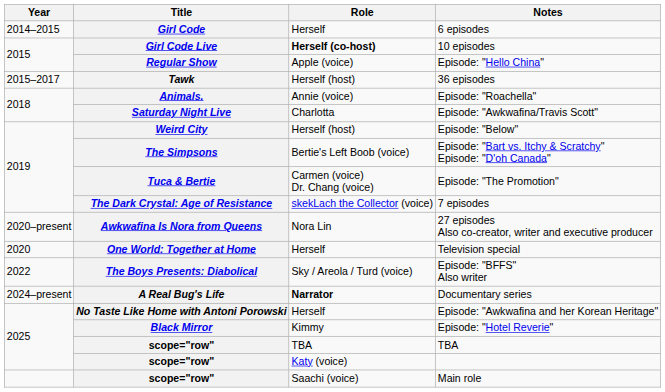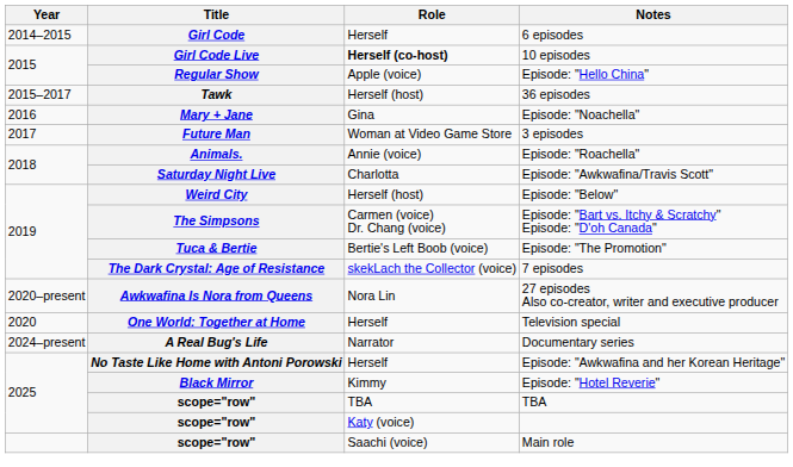 <table class="wikitable plainrowheaders sortable">
 <tr>
 <th scope="col">Year</th>
 <th scope="col">Title</th>
 <th scope="col">Role</th>
 <th class="unsortable">Notes</th>
 </tr>
 <tr>
 <td>2014–2015</td>
 <th scope="row"><em><a href='#'>Girl Code</a></em></th>
 <td>Herself</td>
 <td>6 episodes</td>
 </tr>
 <tr>
 <td rowspan="2">2015</td>
 <th scope="row"><em><a href='#'>Girl Code Live</a></em></th>
 <td><strong>Herself (co-host)</strong></td>
 <td>10 episodes</td>
 </tr>
 <tr>
 <th scope="row"><em><a href='#'>Regular Show</a></em></th>
 <td>Apple (voice)</td>
 <td>Episode: "<a href='#'>Hello China</a>"</td>
 </tr>
 <tr>
 <td>2015–2017</td>
 <th scope="row"><em>Tawk</em></th>
 <td>Herself (host)</td>
 <td>36 episodes</td>
 </tr>
 <tr>
+<td>2016</td>
+<th scope="row"><em><a href='#'>Mary + Jane</a></em></th>
+<td>Gina</td>
+<td>Episode: "Noachella"</td>
+</tr>
+<tr>
+<td>2017</td>
+<th scope="row"><em><a href='#'>Future Man</a></em></th>
+<td>Woman at Video Game Store</td>
+<td>3 episodes</td>
+</tr>
+<tr>
 <td rowspan="2">2018</td>
 <th scope="row"><em><a href='#'>Animals.</a></em></th>
 <td>Annie (voice)</td>
 <td>Episode: "Roachella"</td>
 </tr>
 <tr>
 <th scope="row"><em><a href='#'>Saturday Night Live</a></em></th>
 <td>Charlotta</td>
 <td>Episode: "Awkwafina/Travis Scott"</td>
 </tr>
 <tr>
 <td rowspan="4">2019</td>
 <th scope="row"><em><a href='#'>Weird City</a></em></th>
 <td>Herself (host)</td>
 <td>Episode: "Below"</td>
 </tr>
 <tr>
 <th scope="row"><em><a href='#'>The Simpsons</a></em></th>
-<td>Bertie's Left Boob (voice)</td>
+<td>Carmen (voice)<br>Dr. Chang (voice)</td>
 <td>Episode: "<a href='#'>Bart vs. Itchy & Scratchy</a>"<br>Episode: "<a href='#'>D'oh Canada</a>"</td>
 </tr>
 <tr>
 <th scope="row"><em><a href='#'>Tuca & Bertie</a></em></th>
-<td>Carmen (voice)<br>Dr. Chang (voice)</td>
+<td>Bertie's Left Boob (voice)</td>
 <td>Episode: "The Promotion"</td>
 </tr>
 <tr>
 <th scope="row"><em><a href='#'>The Dark Crystal: Age of Resistance</a></em></th>
 <td><a href='#'>skekLach the Collector</a> (voice)</td>
 <td>7 episodes</td>
 </tr>
 <tr>
 <td>2020–present</td>
 <th scope="row"><em><a href='#'>Awkwafina Is Nora from Queens</a></em></th>
 <td>Nora Lin</td>
 <td>27 episodes<br>Also co-creator, writer and executive producer</td>
 </tr>
 <tr>
 <td>2020</td>
 <th scope="row"><em><a href='#'>One World: Together at Home</a></em></th>
 <td>Herself</td>
 <td>Television special</td>
 </tr>
 <tr>
-<td>2022</td>
-<th scope="row"><em><a href='#'>The Boys Presents: Diabolical</a></em></th>
-<td>Sky / Areola / Turd (voice)</td>
-<td>Episode: "BFFS"<br>Also writer</td>
-</tr>
-<tr>
 <td>2024–present</td>
 <th scope="row"><em>A Real Bug's Life</em></th>
-<td><strong>Narrator</strong></td>
+<td>Narrator</td>
 <td>Documentary series</td>
 </tr>
 <tr>
 <td rowspan="4">2025</td>
 <th scope="row"><em>No Taste Like Home with Antoni Porowski</em></th>
 <td>Herself</td>
 <td>Episode: "Awkwafina and her Korean Heritage"</td>
 </tr>
 <tr>
 <th scope="row"><em><a href='#'>Black Mirror</a></em></th>
 <td>Kimmy</td>
 <td>Episode: "<a href='#'>Hotel Reverie</a>"</td>
 </tr>
 <tr>
 <th>scope="row" </th>
 <td>TBA</td>
 <td>TBA</td>
 </tr>
 <tr>
 <th>scope="row" </th>
 <td><a href='#'>Katy</a> (voice)</td>
 <td></td>
 </tr>
 <tr>
 <td></td>
 <th>scope="row" </th>
 <td>Saachi (voice)</td>
 <td>Main role</td>
 </tr>
 </table>
